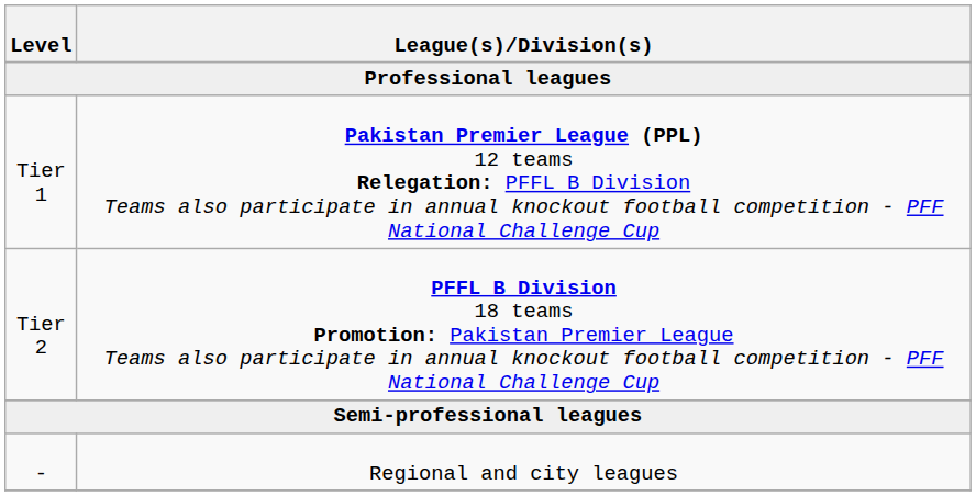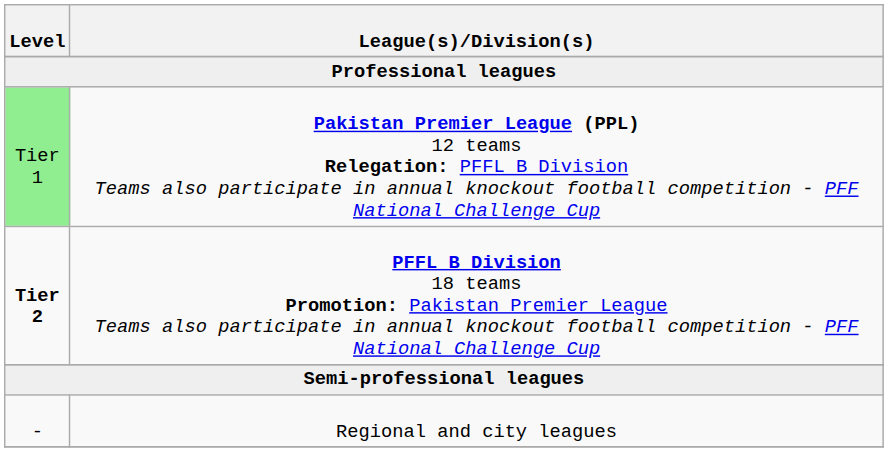 <table class="wikitable" style="text-align: center;">
 <tr>
 <th colspan="1" width="4%"><br>Level</th>
 <th colspan="6" width="96%"><br>League(s)/Division(s)</th>
 </tr>
 <tr>
 </tr>
 <tr style="background:#efefef;">
 <td colspan="6" width="96%" style="text-align:center;"><strong>Professional leagues</strong></td>
 </tr>
 <tr>
-<td colspan="1" width="4%"><br>Tier 1</td>
+<td colspan="1" width="4%" style="background: lightgreen;"><br>Tier 1</td>
 <td colspan="6" width="96%"><br><strong><a href='#'>Pakistan Premier League</a> (PPL)</strong> <br> 12 teams <br> <strong>Relegation:</strong> <a href='#'>PFFL B Division</a> <br> <em>Teams also participate in annual knockout football competition - <a href='#'>PFF National Challenge Cup</a></em></td>
 </tr>
 <tr>
-<td colspan="1" width="4%"><br>Tier 2</td>
+<td colspan="1" width="4%"><strong><br>Tier 2</strong></td>
 <td colspan="6" width="96%"><br><strong><a href='#'>PFFL B Division</a></strong> <br> 18 teams <br> <strong>Promotion:</strong> <a href='#'>Pakistan Premier League</a> <br> <em>Teams also participate in annual knockout football competition - <a href='#'>PFF National Challenge Cup</a></em></td>
 </tr>
 <tr>
 </tr>
 <tr style="background:#efefef;">
 <td colspan="6" width="96%" style="text-align:center;"><strong>Semi-professional leagues</strong></td>
 </tr>
 <tr>
 <td colspan="1" width="4%"><br>-</td>
 <td colspan="6" width="96%"><br>Regional and city leagues<br></td>
 </tr>
 <tr>
 </tr>
 </table>
